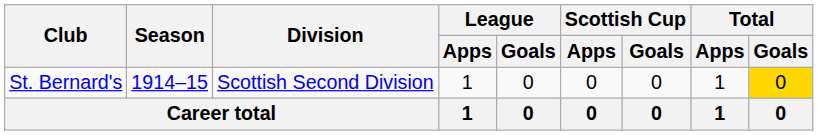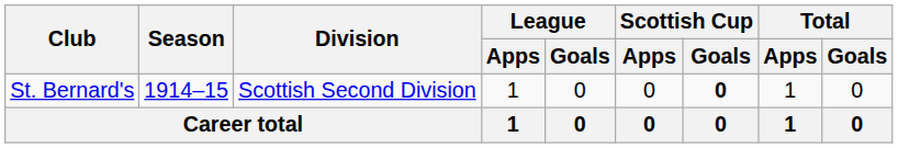 <table class="wikitable" style="text-align:center;">
 <tr>
 <th rowspan="2">Club</th>
 <th rowspan="2">Season</th>
 <th rowspan="2">Division</th>
 <th colspan="2">League</th>
 <th colspan="2">Scottish Cup</th>
 <th colspan="2">Total</th>
 </tr>
 <tr>
 <th>Apps</th>
 <th>Goals</th>
 <th>Apps</th>
 <th>Goals</th>
 <th>Apps</th>
 <th>Goals</th>
 </tr>
 <tr>
 <td><a href='#'>St. Bernard's</a></td>
 <td><a href='#'>1914–15</a></td>
 <td><a href='#'>Scottish Second Division</a></td>
 <td>1</td>
 <td>0</td>
 <td>0</td>
+<td><strong>0</strong></td>
+<td>1</td>
 <td>0</td>
-<td>1</td>
-<td style="background: gold;">0</td>
 </tr>
 <tr>
 <th colspan="3">Career total</th>
 <th>1</th>
 <th>0</th>
 <th>0</th>
 <th>0</th>
 <th>1</th>
 <th>0</th>
 </tr>
 </table>
